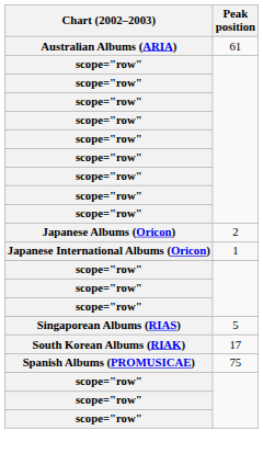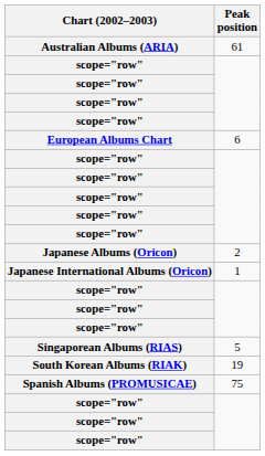 <table class="wikitable sortable plainrowheaders" style="text-align:center">
 <tr>
 <th scope="col">Chart (2002–2003)</th>
 <th scope="col">Peak<br>position</th>
 </tr>
 <tr>
 <th scope="row">Australian Albums (<a href='#'>ARIA</a>)</th>
 <td style="text-align:center;">61</td>
 </tr>
 <tr>
 <th>scope="row" </th>
 </tr>
 <tr>
 <th>scope="row" </th>
 </tr>
 <tr>
 <th>scope="row" </th>
 </tr>
 <tr>
 <th>scope="row" </th>
+</tr>
+<tr>
+<th scope="row"><a href='#'>European Albums Chart</a></th>
+<td style="text-align:center;">6</td>
 </tr>
 <tr>
 <th>scope="row" </th>
 </tr>
 <tr>
 <th>scope="row" </th>
 </tr>
 <tr>
 <th>scope="row" </th>
 </tr>
 <tr>
 <th>scope="row" </th>
 </tr>
 <tr>
 <th>scope="row" </th>
 </tr>
 <tr>
 <th scope="row">Japanese Albums (<a href='#'>Oricon</a>)</th>
 <td style="text-align:center;">2</td>
 </tr>
 <tr>
 <th scope="row">Japanese International Albums (<a href='#'>Oricon</a>)</th>
 <td style="text-align:center;">1</td>
 </tr>
 <tr>
 <th>scope="row" </th>
 </tr>
 <tr>
 <th>scope="row" </th>
 </tr>
 <tr>
 <th>scope="row" </th>
 </tr>
 <tr>
 <th scope="row">Singaporean Albums (<a href='#'>RIAS</a>)</th>
 <td align="center">5</td>
 </tr>
 <tr>
 <th scope="row">South Korean Albums (<a href='#'>RIAK</a>)</th>
-<td style="text-align:center;">17</td>
+<td style="text-align:center;">19</td>
 </tr>
 <tr>
 <th scope="row">Spanish Albums (<a href='#'>PROMUSICAE</a>)</th>
 <td align="center">75</td>
 </tr>
 <tr>
 <th>scope="row" </th>
 </tr>
 <tr>
 <th>scope="row" </th>
 </tr>
 <tr>
 <th>scope="row" </th>
 </tr>
 </table>
